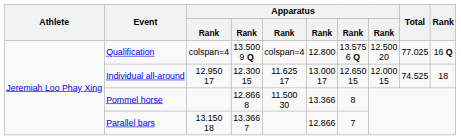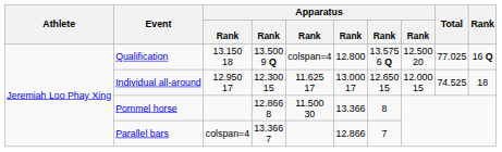 <table class="wikitable" style="font-size:90%">
 <tr>
 <th rowspan=2>Athlete</th>
 <th rowspan=2>Event</th>
 <th colspan =6>Apparatus</th>
 <th rowspan=2>Total</th>
 <th rowspan=2>Rank</th>
 </tr>
 <tr style="font-size:95%">
 <th><br>Rank</th>
 <th><br>Rank</th>
 <th><br>Rank</th>
 <th><br>Rank</th>
 <th><br>Rank</th>
 <th><br>Rank</th>
 </tr>
 <tr align=center>
 <td rowspan=4 align=left><a href='#'>Jeremiah Loo Phay Xing</a></td>
 <td align=left><a href='#'>Qualification</a></td>
-<td>colspan=4 </td>
+<td>13.150<br>18</td>
 <td>13.500<br>9 <strong>Q</strong></td>
 <td>colspan=4 </td>
 <td>12.800<br></td>
 <td>13.575<br>6 <strong>Q</strong></td>
 <td>12.500<br>20</td>
 <td>77.025</td>
 <td>16 <strong>Q</strong></td>
 </tr>
 <tr align=center>
 <td align=left><a href='#'>Individual all-around</a></td>
 <td>12.950<br>17</td>
 <td>12.300<br>15</td>
 <td>11.625<br>17</td>
 <td>13.000<br>17</td>
 <td>12.650<br>15</td>
 <td>12.000<br>15</td>
 <td>74.525</td>
 <td>18</td>
 </tr>
 <tr align=center>
 <td align=left><a href='#'>Pommel horse</a></td>
 <td></td>
 <td>12.866<br>8</td>
 <td>11.500<br>30</td>
 <td>13.366</td>
 <td>8</td>
 </tr>
 <tr align=center>
 <td align=left><a href='#'>Parallel bars</a></td>
-<td>13.150<br>18</td>
+<td>colspan=4 </td>
 <td>13.366<br>7</td>
 <td></td>
 <td>12.866</td>
 <td>7</td>
 </tr>
 </table>
